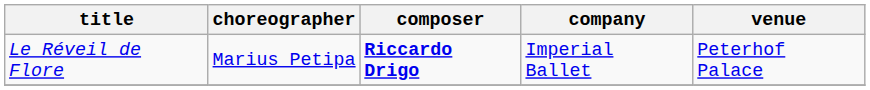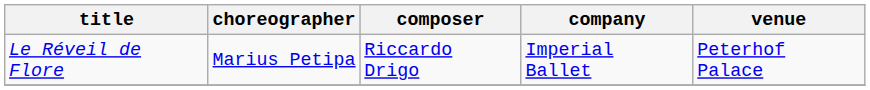 <table class="wikitable">
 <tr>
 <th>title</th>
 <th>choreographer</th>
 <th>composer</th>
 <th>company</th>
 <th>venue</th>
 </tr>
 <tr>
 <td><em><a href='#'>Le Réveil de Flore</a></em></td>
 <td><a href='#'>Marius Petipa</a></td>
-<td><strong><a href='#'>Riccardo Drigo</a></strong></td>
+<td><a href='#'>Riccardo Drigo</a></td>
 <td><a href='#'>Imperial Ballet</a></td>
 <td><a href='#'>Peterhof Palace</a></td>
 </tr>
 <tr>
 </tr>
 </table>
